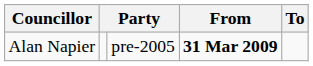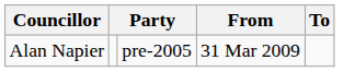 <table class=wikitable>
 <tr>
 <th>Councillor</th>
 <th colspan=2>Party</th>
 <th>From</th>
 <th>To</th>
 </tr>
 <tr>
 <td>Alan Napier</td>
 <td></td>
 <td align=right>pre-2005</td>
-<td align=right><strong>31 Mar 2009</strong></td>
+<td align=right>31 Mar 2009</td>
 </tr>
 </table>
